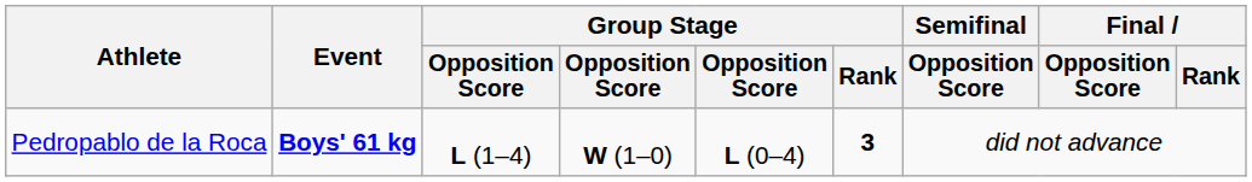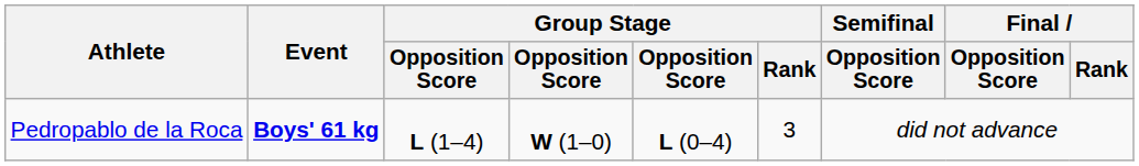 <table class="wikitable" style="font-size:90%">
 <tr>
 <th rowspan=2>Athlete</th>
 <th rowspan=2>Event</th>
 <th colspan=4>Group Stage</th>
 <th colspan=1>Semifinal</th>
 <th colspan=2>Final / </th>
 </tr>
 <tr style="font-size:95%">
 <th>Opposition<br>Score</th>
 <th>Opposition<br>Score</th>
 <th>Opposition<br>Score</th>
 <th>Rank</th>
 <th>Opposition<br>Score</th>
 <th>Opposition<br>Score</th>
 <th>Rank</th>
 </tr>
 <tr align=center>
 <td align=left><a href='#'>Pedropablo de la Roca</a></td>
 <td align=left><strong><a href='#'>Boys' 61 kg</a></strong></td>
 <td><br><strong>L</strong> (1–4)</td>
 <td><br><strong>W</strong> (1–0)</td>
 <td><br><strong>L</strong> (0–4)</td>
-<td><strong>3</strong></td>
+<td>3</td>
 <td colspan=3><em>did not advance</em></td>
 </tr>
 </table>
